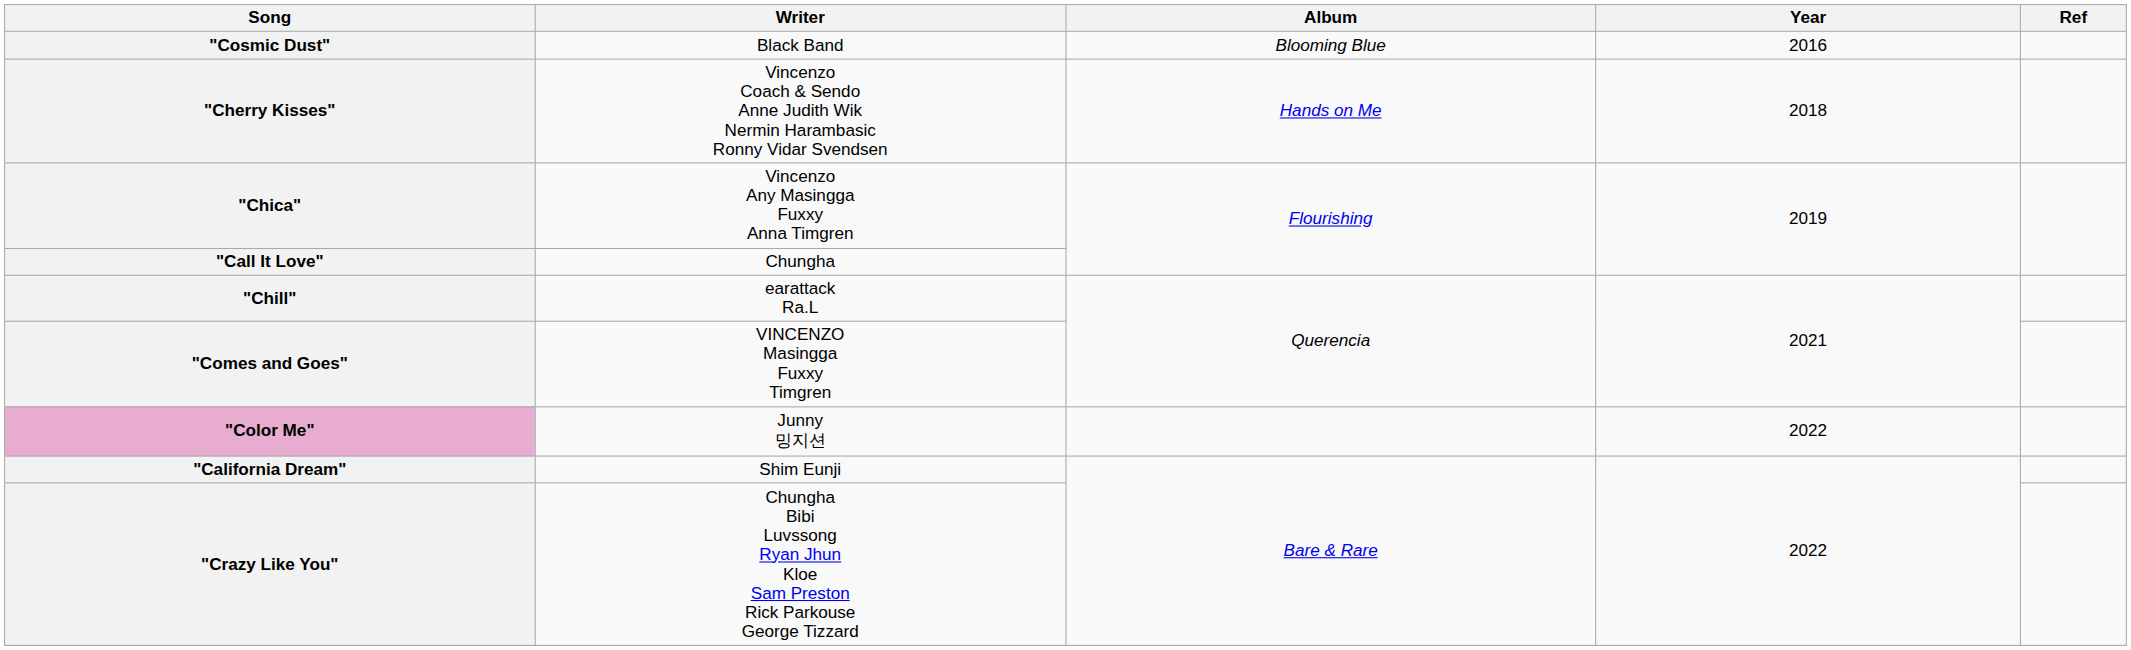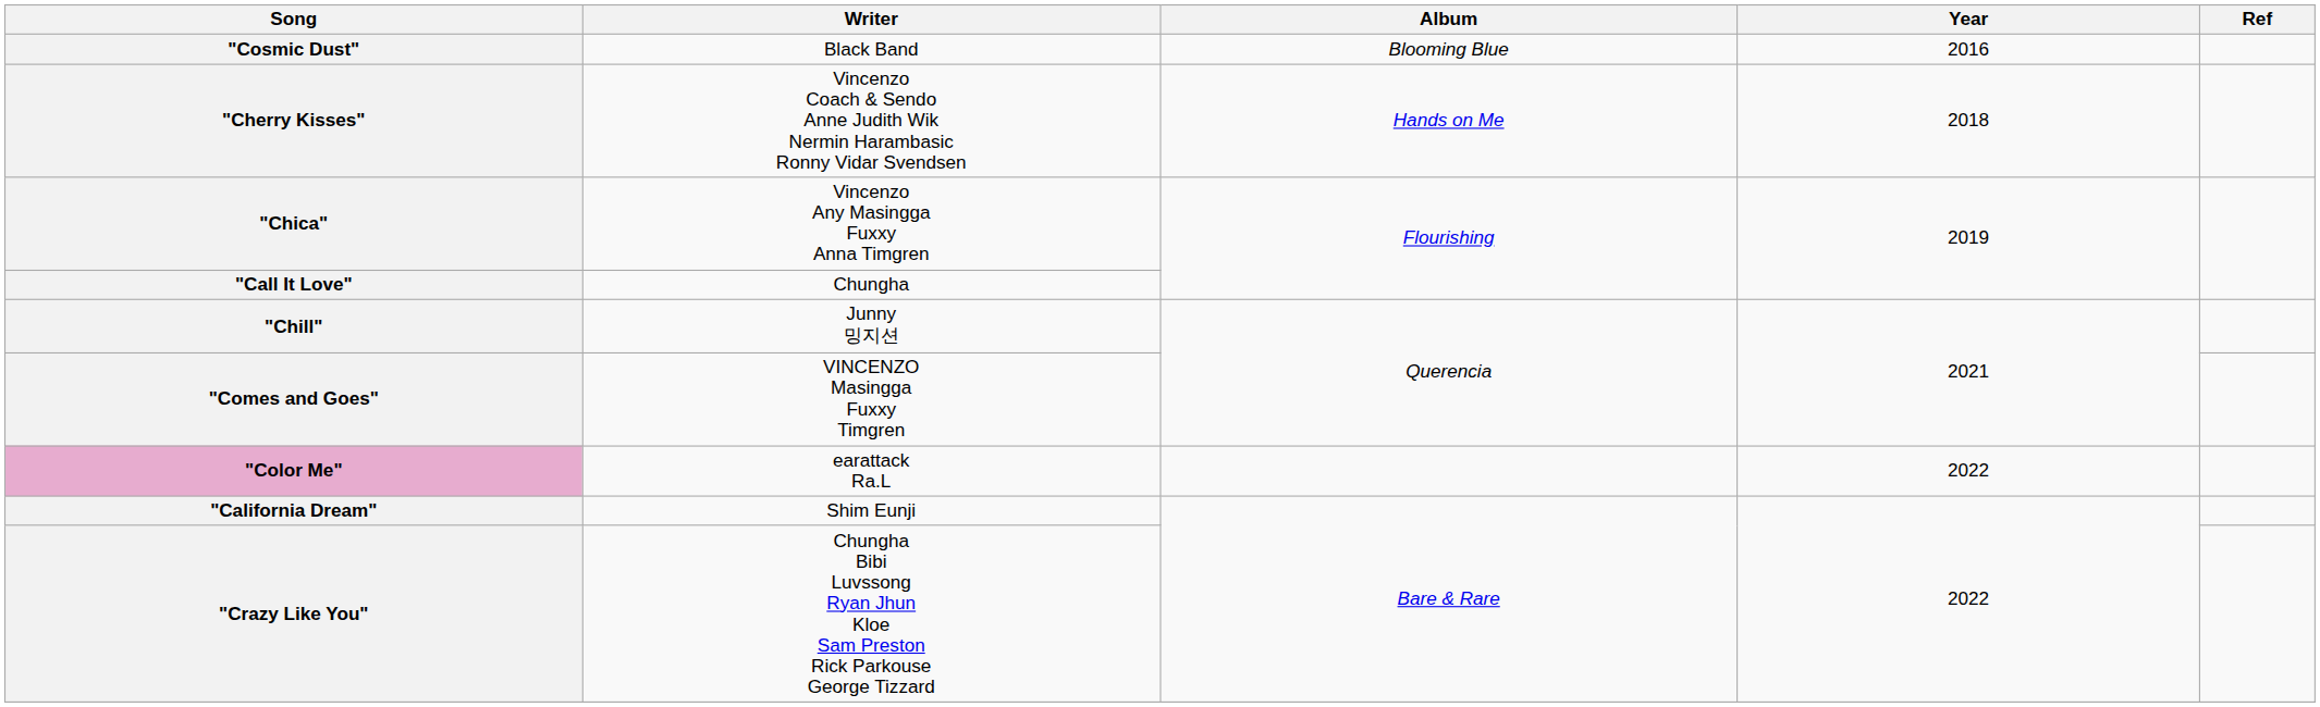 <table class="wikitable" style="text-align:center; width:100%">
 <tr>
 <th style="width:25%">Song</th>
 <th style="width:25%">Writer</th>
 <th style="width:25%">Album</th>
 <th style="width:20%">Year</th>
 <th style="width:5%">Ref</th>
 </tr>
 <tr>
 <th scope="row">"Cosmic Dust"</th>
 <td>Black Band</td>
 <td><em>Blooming Blue</em></td>
 <td>2016</td>
 <td></td>
 </tr>
 <tr>
 <th scope="row">"Cherry Kisses"</th>
 <td>Vincenzo<br>Coach & Sendo<br>Anne Judith Wik<br>Nermin Harambasic<br>Ronny Vidar Svendsen</td>
 <td><em><a href='#'>Hands on Me</a></em></td>
 <td>2018</td>
 <td></td>
 </tr>
 <tr>
 <th scope="row">"Chica"</th>
 <td>Vincenzo<br>Any Masingga<br>Fuxxy<br>Anna Timgren</td>
 <td rowspan="2"><em><a href='#'>Flourishing</a></em></td>
 <td rowspan="2">2019</td>
 <td rowspan="2"></td>
 </tr>
 <tr>
 <th scope="row">"Call It Love"</th>
 <td>Chungha</td>
 </tr>
 <tr>
 <th scope="row">"Chill" </th>
-<td>earattack<br>Ra.L</td>
+<td>Junny<br>밍지션</td>
 <td rowspan="2"><em>Querencia</em></td>
 <td rowspan="2">2021</td>
 <td></td>
 </tr>
 <tr>
 <th scope="row">"Comes and Goes"</th>
 <td>VINCENZO<br>Masingga<br>Fuxxy<br>Timgren</td>
 <td></td>
 </tr>
 <tr>
 <th scope="row" style="background-color:#E7ACCF">"Color Me"<br> </th>
-<td>Junny<br>밍지션</td>
+<td>earattack<br>Ra.L</td>
 <td></td>
 <td>2022</td>
 <td></td>
 </tr>
 <tr>
 <th scope="row">"California Dream"</th>
 <td>Shim Eunji</td>
 <td rowspan="2"><em><a href='#'>Bare & Rare</a></em></td>
 <td rowspan="2">2022</td>
 <td></td>
 </tr>
 <tr>
 <th scope="row">"Crazy Like You"<br></th>
 <td>Chungha<br>Bibi<br>Luvssong<br><a href='#'>Ryan Jhun</a><br>Kloe<br><a href='#'>Sam Preston</a><br>Rick Parkouse<br>George Tizzard</td>
 <td></td>
 </tr>
 <tr>
 </tr>
 </table>
